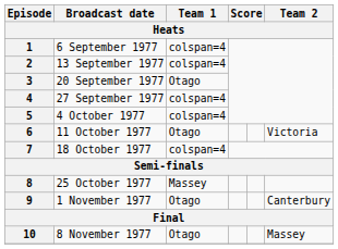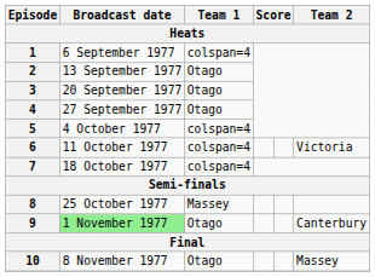 <table class="wikitable">
 <tr>
 <th>Episode</th>
 <th>Broadcast date</th>
 <th>Team 1</th>
 <th colspan=2>Score</th>
 <th>Team 2</th>
 </tr>
 <tr>
 <th colspan=6>Heats</th>
 </tr>
 <tr>
 <th>1</th>
 <td>6 September 1977</td>
 <td>colspan=4  </td>
 </tr>
 <tr>
 <th>2</th>
 <td>13 September 1977</td>
-<td>colspan=4  </td>
+<td>Otago</td>
 </tr>
 <tr>
 <th>3</th>
 <td>20 September 1977</td>
 <td>Otago</td>
 </tr>
 <tr>
 <th>4</th>
 <td>27 September 1977</td>
-<td>colspan=4  </td>
+<td>Otago</td>
 </tr>
 <tr>
 <th>5</th>
 <td>4 October 1977</td>
 <td>colspan=4  </td>
 </tr>
 <tr>
 <th>6</th>
 <td>11 October 1977</td>
-<td>Otago</td>
+<td>colspan=4  </td>
 <td></td>
 <td></td>
 <td>Victoria</td>
 </tr>
 <tr>
 <th>7</th>
 <td>18 October 1977</td>
 <td>colspan=4  </td>
 </tr>
 <tr>
 <th colspan=6>Semi-finals</th>
 </tr>
 <tr>
 <th>8</th>
 <td>25 October 1977</td>
 <td>Massey</td>
 <td></td>
 <td></td>
 <td></td>
 </tr>
 <tr>
 <th>9</th>
-<td>1 November 1977</td>
+<td style="background: lightgreen;">1 November 1977</td>
 <td>Otago</td>
 <td></td>
 <td></td>
 <td>Canterbury</td>
 </tr>
 <tr>
 <th colspan=6>Final</th>
 </tr>
 <tr>
 <th>10</th>
 <td>8 November 1977</td>
 <td>Otago</td>
 <td></td>
 <td></td>
 <td>Massey</td>
 </tr>
 <tr>
 </tr>
 </table>
